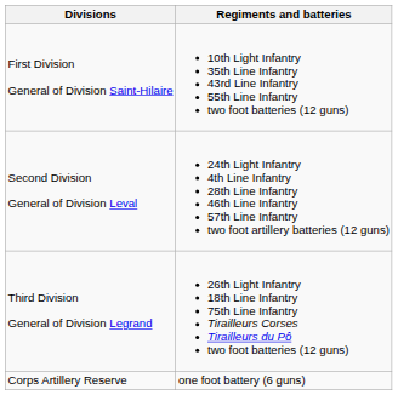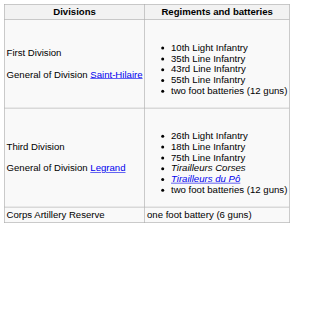 <table class="wikitable">
 <tr>
 <th><strong>Divisions</strong></th>
 <th><strong>Regiments and batteries</strong></th>
 </tr>
 <tr>
 <td>First Division<br><br> General of Division <a href='#'>Saint-Hilaire</a></td>
 <td><br><ul><li>10th Light Infantry</li><li>35th Line Infantry</li><li>43rd Line Infantry</li><li>55th Line Infantry</li><li>two foot batteries (12 guns)</li></ul></td>
 </tr>
 <tr>
-<td>Second Division<br><br> General of Division <a href='#'>Leval</a></td>
-<td><br><ul><li>24th Light Infantry</li><li>4th Line Infantry</li><li>28th Line Infantry</li><li>46th Line Infantry</li><li>57th Line Infantry</li><li>two foot artillery batteries (12 guns)</li></ul></td>
-</tr>
-<tr>
 <td>Third Division<br><br> General of Division <a href='#'>Legrand</a></td>
 <td><br><ul><li>26th Light Infantry</li><li>18th Line Infantry</li><li>75th Line Infantry</li><li><em>Tirailleurs Corses</em></li><li><em><a href='#'>Tirailleurs du Pô</a></em></li><li>two foot batteries (12 guns)</li></ul></td>
 </tr>
 <tr>
 <td>Corps Artillery Reserve</td>
 <td>one foot battery (6 guns)</td>
 </tr>
 </table>
